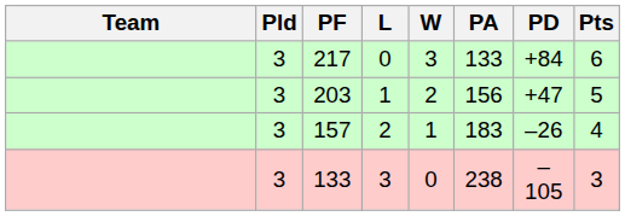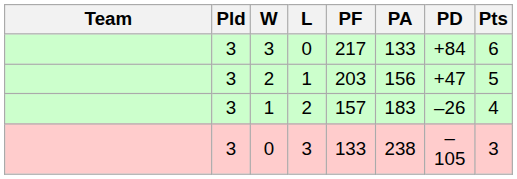 <table class="wikitable" style="text-align:center;">
 <tr>
 <th width=170>Team</th>
 <th width=25>Pld</th>
+<th width=25>W</th>
+<th width=25>L</th>
 <th width=35>PF</th>
-<th width=25>L</th>
-<th width=25>W</th>
 <th width=35>PA</th>
 <th width=35>PD</th>
 <th width=25>Pts</th>
 </tr>
 <tr style="background:#cfc;">
 <td align="left"></td>
 <td>3</td>
+<td>3</td>
+<td>0</td>
 <td>217</td>
-<td>0</td>
-<td>3</td>
 <td>133</td>
 <td>+84</td>
 <td>6</td>
 </tr>
 <tr style="background:#cfc;">
 <td align="left"></td>
 <td>3</td>
+<td>2</td>
+<td>1</td>
 <td>203</td>
-<td>1</td>
-<td>2</td>
 <td>156</td>
 <td>+47</td>
 <td>5</td>
 </tr>
 <tr style="background:#cfc;">
 <td align="left"></td>
 <td>3</td>
+<td>1</td>
+<td>2</td>
 <td>157</td>
-<td>2</td>
-<td>1</td>
 <td>183</td>
 <td>–26</td>
 <td>4</td>
 </tr>
 <tr style="background:#fcc;">
 <td align="left"></td>
 <td>3</td>
+<td>0</td>
+<td>3</td>
 <td>133</td>
-<td>3</td>
-<td>0</td>
 <td>238</td>
 <td>–105</td>
 <td>3</td>
 </tr>
 </table>
